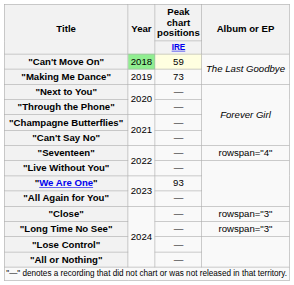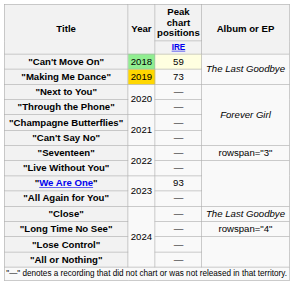 <table class="wikitable plainrowheaders" style="text-align:center;">
 <tr>
 <th scope="col" rowspan="2">Title</th>
 <th scope="col" rowspan="2">Year</th>
 <th scope="col" colspan="1">Peak chart positions</th>
 <th scope="col" rowspan="2">Album or EP</th>
 </tr>
 <tr>
 <th scope="col" style="width:2.5em;font-size:85%;"><a href='#'>IRE</a><br></th>
 </tr>
 <tr>
 <th scope="row">"Can't Move On"</th>
 <td style="background: lightgreen;">2018</td>
 <td style="background: lightyellow;">59</td>
 <td rowspan="2"><em>The Last Goodbye</em></td>
 </tr>
 <tr>
 <th scope="row">"Making Me Dance"</th>
-<td>2019</td>
+<td style="background: gold;">2019</td>
 <td>73</td>
 </tr>
 <tr>
 <th scope="row">"Next to You"</th>
 <td rowspan="2">2020</td>
 <td>—</td>
 <td rowspan="4"><em>Forever Girl</em></td>
 </tr>
 <tr>
 <th scope="row">"Through the Phone"</th>
 <td>—</td>
 </tr>
 <tr>
 <th scope="row">"Champagne Butterflies"</th>
 <td rowspan="2">2021</td>
 <td>—</td>
 </tr>
 <tr>
 <th scope="row">"Can't Say No"</th>
 <td>—</td>
 </tr>
 <tr>
 <th scope="row">"Seventeen"</th>
 <td rowspan="2">2022</td>
 <td>—</td>
-<td>rowspan="4" </td>
+<td>rowspan="3" </td>
 </tr>
 <tr>
 <th scope="row">"Live Without You"</th>
 <td>—</td>
 </tr>
 <tr>
 <th scope="row">"<a href='#'>We Are One</a>"</th>
 <td rowspan="2">2023</td>
 <td>93</td>
 </tr>
 <tr>
 <th scope="row">"All Again for You"</th>
 <td>—</td>
 </tr>
 <tr>
 <th scope="row">"Close"</th>
 <td rowspan="4">2024</td>
 <td>—</td>
-<td>rowspan="3" </td>
+<td><em>The Last Goodbye</em></td>
 </tr>
 <tr>
 <th scope="row">"Long Time No See"</th>
 <td>—</td>
-<td>rowspan="3" </td>
+<td>rowspan="4" </td>
 </tr>
 <tr>
 <th scope="row">"Lose Control"</th>
 <td>—</td>
 </tr>
 <tr>
 <th scope="row">"All or Nothing"</th>
 <td>—</td>
 </tr>
 <tr>
 <td colspan="4" style="font-size:85%">"—" denotes a recording that did not chart or was not released in that territory.</td>
 </tr>
 </table>
